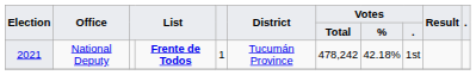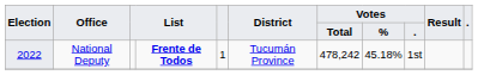 <table class="wikitable" style="font-size:90%; text-align:center;">
 <tr>
 <th style="background-color:#EAECF0;" rowspan=2>Election</th>
 <th style="background-color:#EAECF0;" rowspan=2>Office</th>
 <th style="background-color:#EAECF0;" colspan=2 rowspan=2>List</th>
 <th style="background-color:#EAECF0;" rowspan=2></th>
 <th style="background-color:#EAECF0;" rowspan=2>District</th>
 <th style="background-color:#EAECF0;" colspan=3>Votes</th>
 <th style="background-color:#EAECF0;" rowspan=2>Result</th>
 <th style="background-color:#EAECF0;" rowspan=2>.</th>
 </tr>
 <tr>
 <th style="background-color:#EAECF0;">Total</th>
 <th style="background-color:#EAECF0;">%</th>
 <th style="background-color:#EAECF0;">.</th>
 </tr>
 <tr>
-<td style="background-color:#EAECF0;"><a href='#'>2021</a></td>
+<td style="background-color:#EAECF0;"><a href='#'>2022</a></td>
 <td><a href='#'>National Deputy</a></td>
 <td style="background-color:"></td>
 <td><strong><a href='#'>Frente de Todos</a></strong></td>
 <td>1</td>
 <td><a href='#'>Tucumán Province</a></td>
 <td>478,242</td>
-<td>42.18%</td>
+<td>45.18%</td>
 <td>1st</td>
 <td></td>
 <td></td>
 </tr>
 <tr>
 </tr>
 </table>
